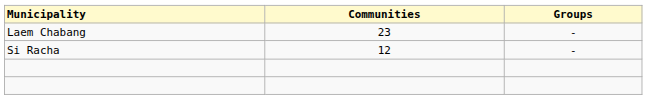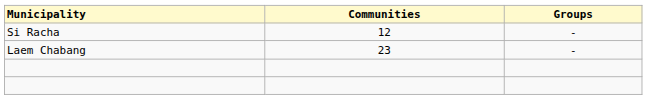 <table class="wikitable" style="width:48%; display:inline-table;">
 <tr>
 <td style= "background: #fffacd;"><strong>Municipality</strong></td>
 <td style= "background: #fffacd; text-align:center;"><strong>Communities</strong></td>
 <td style= "background: #fffacd; text-align:center;"><strong>Groups</strong></td>
 </tr>
 <tr>
-<td>Laem Chabang</td>
-<td style="text-align:center;">23</td>
+<td>Si Racha</td>
+<td style="text-align:center;">12</td>
 <td style="text-align:center;">-</td>
 </tr>
 <tr>
-<td>Si Racha</td>
-<td style="text-align:center;">12</td>
+<td>Laem Chabang</td>
+<td style="text-align:center;">23</td>
 <td style="text-align:center;">-</td>
 </tr>
 <tr>
 <td> </td>
 <td> </td>
 <td> </td>
 </tr>
 <tr>
 <td> </td>
 <td> </td>
 <td> </td>
 </tr>
 </table>
